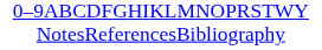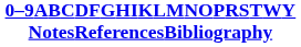 <table id="toc" class="toc" summary="Class" align="center" style="text-align:center;">
 <tr>
 <th></th>
 </tr>
 <tr>
-<td><a href='#'>0–9</a><a href='#'>A</a><a href='#'>B</a><a href='#'>C</a><a href='#'>D</a><a href='#'>F</a><a href='#'>G</a><a href='#'>H</a><a href='#'>I</a><a href='#'>K</a><a href='#'>L</a><a href='#'>M</a><a href='#'>N</a><a href='#'>O</a><a href='#'>P</a><a href='#'>R</a><a href='#'>S</a><a href='#'>T</a><a href='#'>W</a><a href='#'>Y</a><br><a href='#'>Notes</a><a href='#'>References</a><a href='#'>Bibliography</a></td>
+<td><strong><a href='#'>0–9</a><a href='#'>A</a><a href='#'>B</a><a href='#'>C</a><a href='#'>D</a><a href='#'>F</a><a href='#'>G</a><a href='#'>H</a><a href='#'>I</a><a href='#'>K</a><a href='#'>L</a><a href='#'>M</a><a href='#'>N</a><a href='#'>O</a><a href='#'>P</a><a href='#'>R</a><a href='#'>S</a><a href='#'>T</a><a href='#'>W</a><a href='#'>Y</a><br><a href='#'>Notes</a><a href='#'>References</a><a href='#'>Bibliography</a></strong></td>
 </tr>
 </table>
